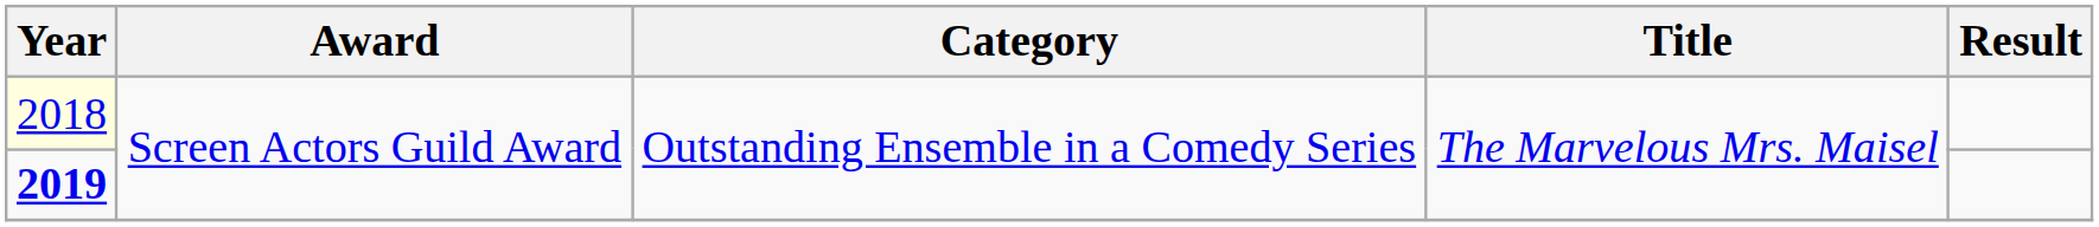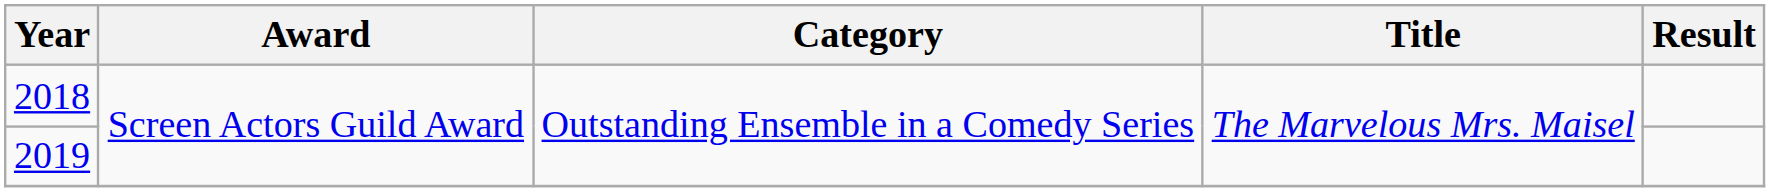 <table class="wikitable">
 <tr>
 <th>Year</th>
 <th>Award</th>
 <th>Category</th>
 <th>Title</th>
 <th class="unsortable">Result</th>
 </tr>
 <tr>
-<td style="background: lightyellow;"><a href='#'>2018</a></td>
+<td><a href='#'>2018</a></td>
 <td rowspan=2><a href='#'>Screen Actors Guild Award</a></td>
 <td rowspan=2><a href='#'>Outstanding Ensemble in a Comedy Series</a></td>
 <td rowspan=2><em><a href='#'>The Marvelous Mrs. Maisel</a></em></td>
 <td></td>
 </tr>
 <tr>
-<td><strong><a href='#'>2019</a></strong></td>
+<td><a href='#'>2019</a></td>
 <td></td>
 </tr>
 <tr>
 </tr>
 </table>
